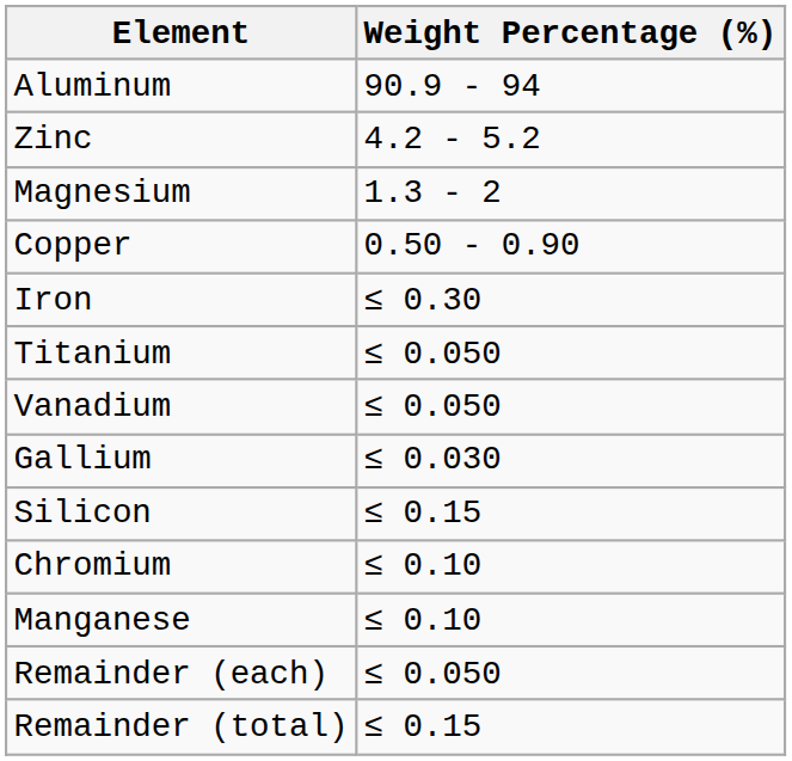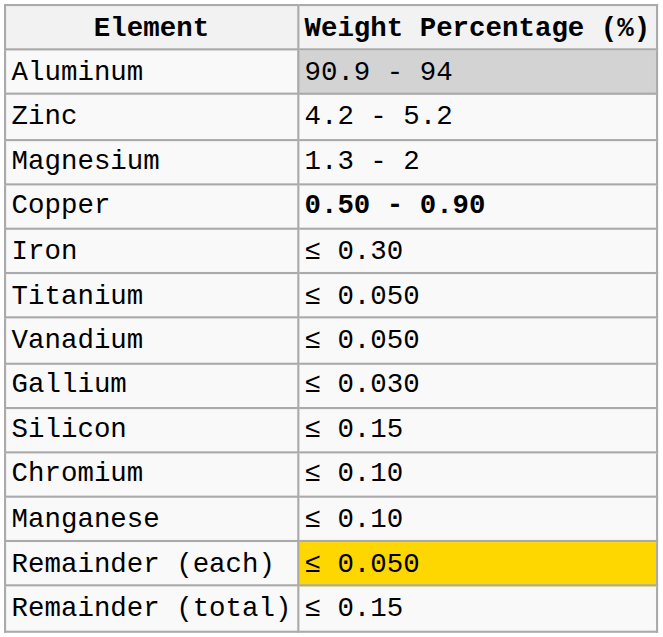 <table class="wikitable">
 <tr>
 <th>Element</th>
 <th>Weight Percentage (%)</th>
 </tr>
 <tr>
 <td>Aluminum</td>
-<td>90.9 - 94</td>
+<td style="background: lightgrey;">90.9 - 94</td>
 </tr>
 <tr>
 <td>Zinc</td>
 <td>4.2 - 5.2</td>
 </tr>
 <tr>
 <td>Magnesium</td>
 <td>1.3 - 2</td>
 </tr>
 <tr>
 <td>Copper</td>
-<td>0.50 - 0.90</td>
+<td><strong>0.50 - 0.90</strong></td>
 </tr>
 <tr>
 <td>Iron</td>
 <td>≤ 0.30</td>
 </tr>
 <tr>
 <td>Titanium</td>
 <td>≤ 0.050</td>
 </tr>
 <tr>
 <td>Vanadium</td>
 <td>≤ 0.050</td>
 </tr>
 <tr>
 <td>Gallium</td>
 <td>≤ 0.030</td>
 </tr>
 <tr>
 <td>Silicon</td>
 <td>≤ 0.15</td>
 </tr>
 <tr>
 <td>Chromium</td>
 <td>≤ 0.10</td>
 </tr>
 <tr>
 <td>Manganese</td>
 <td>≤ 0.10</td>
 </tr>
 <tr>
 <td>Remainder (each)</td>
-<td>≤ 0.050</td>
+<td style="background: gold;">≤ 0.050</td>
 </tr>
 <tr>
 <td>Remainder (total)</td>
 <td>≤ 0.15</td>
 </tr>
 </table>
